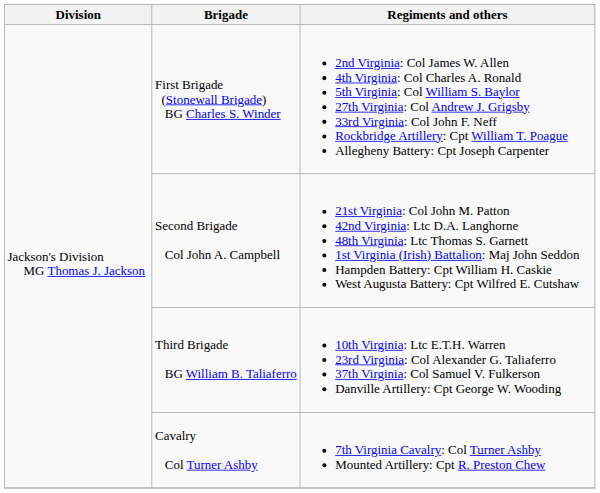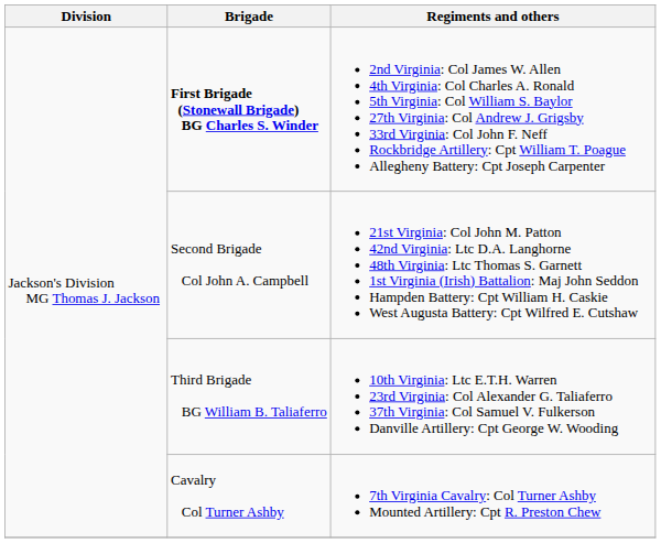 <table class="wikitable">
 <tr>
 <th width=25%>Division</th>
 <th width=25%>Brigade</th>
 <th>Regiments and others</th>
 </tr>
 <tr>
 <td rowspan=4><br>Jackson's Division<br>     MG <a href='#'>Thomas J. Jackson</a></td>
-<td>First Brigade<br>  (<a href='#'>Stonewall Brigade</a>)<br>   BG <a href='#'>Charles S. Winder</a></td>
+<td><strong>First Brigade<br>  (<a href='#'>Stonewall Brigade</a>)<br>   BG <a href='#'>Charles S. Winder</a></strong></td>
 <td><br><ul><li><a href='#'>2nd Virginia</a>: Col James W. Allen</li><li><a href='#'>4th Virginia</a>: Col Charles A. Ronald</li><li><a href='#'>5th Virginia</a>: Col <a href='#'>William S. Baylor</a></li><li><a href='#'>27th Virginia</a>: Col <a href='#'>Andrew J. Grigsby</a></li><li><a href='#'>33rd Virginia</a>: Col John F. Neff</li><li><a href='#'>Rockbridge Artillery</a>: Cpt <a href='#'>William T. Poague</a></li><li>Allegheny Battery: Cpt Joseph Carpenter</li></ul></td>
 </tr>
 <tr>
 <td>Second Brigade<br><br>   Col John A. Campbell</td>
 <td><br><ul><li><a href='#'>21st Virginia</a>: Col John M. Patton</li><li><a href='#'>42nd Virginia</a>: Ltc D.A. Langhorne</li><li><a href='#'>48th Virginia</a>: Ltc Thomas S. Garnett</li><li><a href='#'>1st Virginia (Irish) Battalion</a>: Maj John Seddon</li><li>Hampden Battery: Cpt William H. Caskie</li><li>West Augusta Battery: Cpt Wilfred E. Cutshaw</li></ul></td>
 </tr>
 <tr>
 <td>Third Brigade<br><br>   BG <a href='#'>William B. Taliaferro</a></td>
 <td><br><ul><li><a href='#'>10th Virginia</a>: Ltc E.T.H. Warren</li><li><a href='#'>23rd Virginia</a>: Col Alexander G. Taliaferro</li><li><a href='#'>37th Virginia</a>: Col Samuel V. Fulkerson</li><li>Danville Artillery: Cpt George W. Wooding</li></ul></td>
 </tr>
 <tr>
 <td>Cavalry<br><br>   Col <a href='#'>Turner Ashby</a></td>
 <td><br><ul><li><a href='#'>7th Virginia Cavalry</a>: Col <a href='#'>Turner Ashby</a></li><li>Mounted Artillery: Cpt <a href='#'>R. Preston Chew</a></li></ul></td>
 </tr>
 <tr>
 </tr>
 </table>
